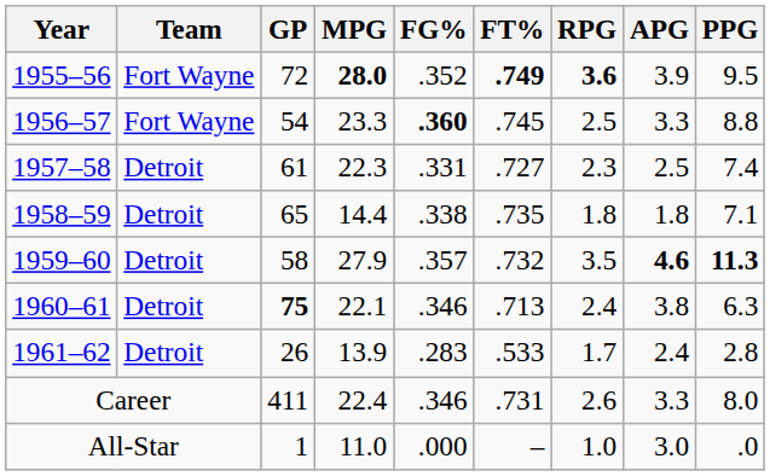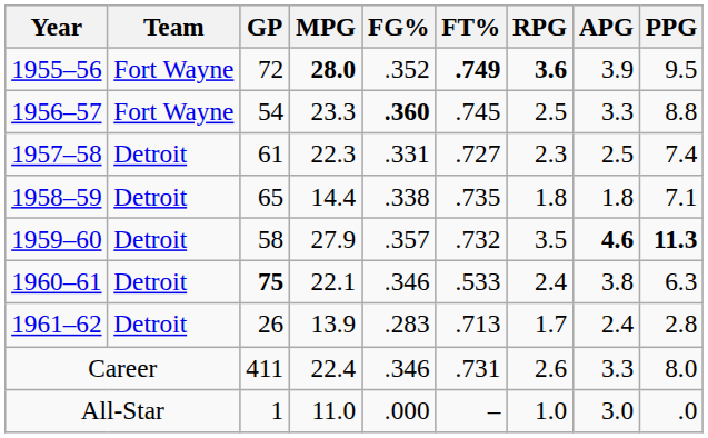 <table class="wikitable sortable" style="font-size:95%; text-align:right;">
 <tr>
 <th>Year</th>
 <th>Team</th>
 <th>GP</th>
 <th>MPG</th>
 <th>FG%</th>
 <th>FT%</th>
 <th>RPG</th>
 <th>APG</th>
 <th>PPG</th>
 </tr>
 <tr>
 <td style="text-align:left;"><a href='#'>1955–56</a></td>
 <td style="text-align:left;"><a href='#'>Fort Wayne</a></td>
 <td>72</td>
 <td><strong>28.0</strong></td>
 <td>.352</td>
 <td><strong>.749</strong></td>
 <td><strong>3.6</strong></td>
 <td>3.9</td>
 <td>9.5</td>
 </tr>
 <tr>
 <td style="text-align:left;"><a href='#'>1956–57</a></td>
 <td style="text-align:left;"><a href='#'>Fort Wayne</a></td>
 <td>54</td>
 <td>23.3</td>
 <td><strong>.360</strong></td>
 <td>.745</td>
 <td>2.5</td>
 <td>3.3</td>
 <td>8.8</td>
 </tr>
 <tr>
 <td style="text-align:left;"><a href='#'>1957–58</a></td>
 <td style="text-align:left;"><a href='#'>Detroit</a></td>
 <td>61</td>
 <td>22.3</td>
 <td>.331</td>
 <td>.727</td>
 <td>2.3</td>
 <td>2.5</td>
 <td>7.4</td>
 </tr>
 <tr>
 <td style="text-align:left;"><a href='#'>1958–59</a></td>
 <td style="text-align:left;"><a href='#'>Detroit</a></td>
 <td>65</td>
 <td>14.4</td>
 <td>.338</td>
 <td>.735</td>
 <td>1.8</td>
 <td>1.8</td>
 <td>7.1</td>
 </tr>
 <tr>
 <td style="text-align:left;"><a href='#'>1959–60</a></td>
 <td style="text-align:left;"><a href='#'>Detroit</a></td>
 <td>58</td>
 <td>27.9</td>
 <td>.357</td>
 <td>.732</td>
 <td>3.5</td>
 <td><strong>4.6</strong></td>
 <td><strong>11.3</strong></td>
 </tr>
 <tr>
 <td style="text-align:left;"><a href='#'>1960–61</a></td>
 <td style="text-align:left;"><a href='#'>Detroit</a></td>
 <td><strong>75</strong></td>
 <td>22.1</td>
 <td>.346</td>
-<td>.713</td>
+<td>.533</td>
 <td>2.4</td>
 <td>3.8</td>
 <td>6.3</td>
 </tr>
 <tr>
 <td style="text-align:left;"><a href='#'>1961–62</a></td>
 <td style="text-align:left;"><a href='#'>Detroit</a></td>
 <td>26</td>
 <td>13.9</td>
 <td>.283</td>
-<td>.533</td>
+<td>.713</td>
 <td>1.7</td>
 <td>2.4</td>
 <td>2.8</td>
 </tr>
 <tr class="sortbottom">
 <td colspan="2" style="text-align:center;">Career</td>
 <td>411</td>
 <td>22.4</td>
 <td>.346</td>
 <td>.731</td>
 <td>2.6</td>
 <td>3.3</td>
 <td>8.0</td>
 </tr>
 <tr class="sortbottom">
 <td colspan="2" style="text-align:center;">All-Star</td>
 <td>1</td>
 <td>11.0</td>
 <td>.000</td>
 <td>–</td>
 <td>1.0</td>
 <td>3.0</td>
 <td>.0</td>
 </tr>
 </table>
